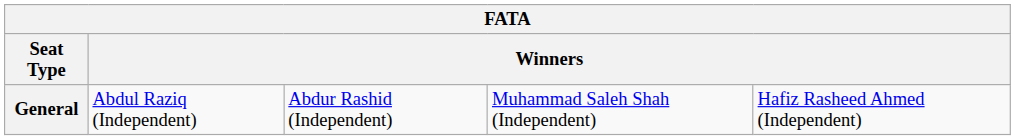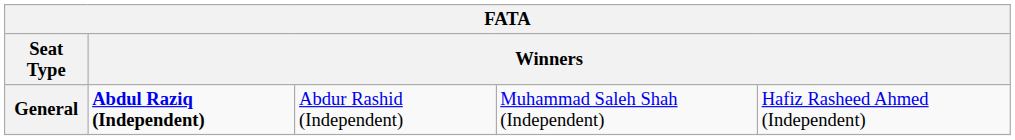 <table class="wikitable">
 <tr>
 <th colspan="5">FATA</th>
 </tr>
 <tr>
 <th>Seat Type</th>
 <th colspan="4">Winners</th>
 </tr>
 <tr>
 <th>General</th>
-<td style="background:"><a href='#'>Abdul Raziq</a> (Independent)</td>
+<td style="background:"><strong><a href='#'>Abdul Raziq</a> (Independent)</strong></td>
 <td style="background:"><a href='#'>Abdur Rashid</a> (Independent)</td>
 <td style="background:"><a href='#'>Muhammad Saleh Shah</a> (Independent)</td>
 <td style="background:"><a href='#'>Hafiz Rasheed Ahmed</a> (Independent)</td>
 </tr>
 </table>
